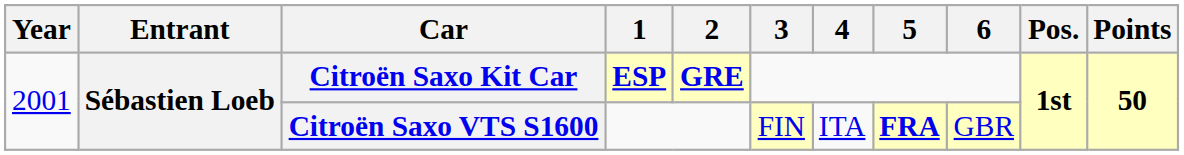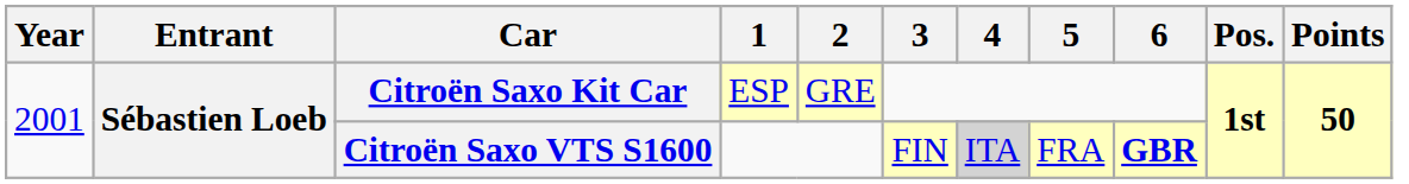 <table class="wikitable" style="text-align:center; font-size:85%;">
 <tr>
 <th>Year</th>
 <th>Entrant</th>
 <th>Car</th>
 <th>1</th>
 <th>2</th>
 <th>3</th>
 <th>4</th>
 <th>5</th>
 <th>6</th>
 <th>Pos.</th>
 <th>Points</th>
 </tr>
 <tr>
 <td rowspan=2><a href='#'>2001</a></td>
 <th rowspan=2 nowrap>Sébastien Loeb</th>
 <th nowrap><a href='#'>Citroën Saxo Kit Car</a></th>
-<td style="background:#ffffbf;"><strong><a href='#'>ESP</a><br></strong></td>
-<td style="background:#ffffbf;"><strong><a href='#'>GRE</a><br></strong></td>
+<td style="background:#ffffbf;"><a href='#'>ESP</a><br></td>
+<td style="background:#ffffbf;"><a href='#'>GRE</a><br></td>
 <td colspan=4></td>
 <td rowspan="2" style="background:#ffffbf;"><strong>1st</strong></td>
 <td rowspan="2" style="background:#ffffbf;"><strong>50</strong></td>
 </tr>
 <tr>
 <th nowrap><a href='#'>Citroën Saxo VTS S1600</a></th>
 <td colspan=2></td>
 <td style="background:#ffffbf;"><a href='#'>FIN</a><br></td>
-<td><a href='#'>ITA</a></td>
-<td style="background:#ffffbf;"><strong><a href='#'>FRA</a><br></strong></td>
-<td style="background:#ffffbf;"><a href='#'>GBR</a><br></td>
+<td style="background: lightgrey;"><a href='#'>ITA</a></td>
+<td style="background:#ffffbf;"><a href='#'>FRA</a><br></td>
+<td style="background:#ffffbf;"><strong><a href='#'>GBR</a><br></strong></td>
 </tr>
 </table>
